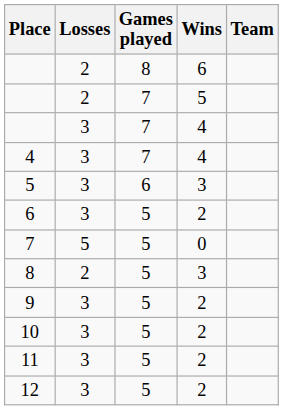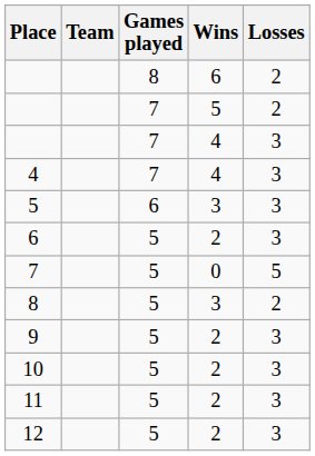 <table class="wikitable" style="text-align:center;">
 <tr>
 <th>Place</th>
-<th>Losses</th>
+<th>Team</th>
 <th>Games<br>played</th>
 <th>Wins</th>
-<th>Team</th>
+<th>Losses</th>
 </tr>
 <tr>
 <td></td>
-<td>2</td>
+<td align=left></td>
 <td>8</td>
 <td>6</td>
-<td align=left></td>
+<td>2</td>
 </tr>
 <tr>
 <td></td>
-<td>2</td>
+<td align=left></td>
 <td>7</td>
 <td>5</td>
-<td align=left></td>
+<td>2</td>
 </tr>
 <tr>
 <td></td>
-<td>3</td>
+<td align=left></td>
 <td>7</td>
 <td>4</td>
-<td align=left></td>
+<td>3</td>
 </tr>
 <tr>
 <td>4</td>
-<td>3</td>
+<td align=left></td>
 <td>7</td>
 <td>4</td>
-<td align=left></td>
+<td>3</td>
 </tr>
 <tr>
 <td>5</td>
-<td>3</td>
+<td align=left></td>
 <td>6</td>
 <td>3</td>
-<td align=left></td>
+<td>3</td>
 </tr>
 <tr>
 <td>6</td>
-<td>3</td>
+<td align=left></td>
 <td>5</td>
 <td>2</td>
-<td align=left></td>
+<td>3</td>
 </tr>
 <tr>
 <td>7</td>
-<td>5</td>
+<td align=left></td>
 <td>5</td>
 <td>0</td>
-<td align=left></td>
+<td>5</td>
 </tr>
 <tr>
 <td>8</td>
-<td>2</td>
+<td align=left></td>
 <td>5</td>
 <td>3</td>
-<td align=left></td>
+<td>2</td>
 </tr>
 <tr>
 <td>9</td>
-<td>3</td>
+<td align=left></td>
 <td>5</td>
 <td>2</td>
-<td align=left></td>
+<td>3</td>
 </tr>
 <tr>
 <td>10</td>
-<td>3</td>
+<td align=left></td>
 <td>5</td>
 <td>2</td>
-<td align=left></td>
+<td>3</td>
 </tr>
 <tr>
 <td>11</td>
-<td>3</td>
+<td align=left></td>
 <td>5</td>
 <td>2</td>
-<td align=left></td>
+<td>3</td>
 </tr>
 <tr>
 <td>12</td>
-<td>3</td>
+<td align=left></td>
 <td>5</td>
 <td>2</td>
-<td align=left></td>
+<td>3</td>
 </tr>
 </table>
